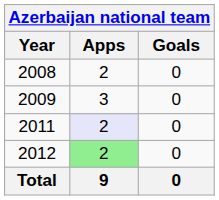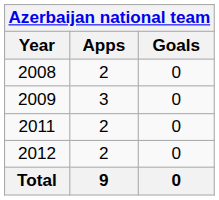 <table class="wikitable" style="text-align:center">
 <tr>
 <th colspan=3><a href='#'>Azerbaijan national team</a></th>
 </tr>
 <tr>
 <th>Year</th>
 <th>Apps</th>
 <th>Goals</th>
 </tr>
 <tr>
 <td>2008</td>
 <td>2</td>
 <td>0</td>
 </tr>
 <tr>
 <td>2009</td>
 <td>3</td>
 <td>0</td>
 </tr>
 <tr>
 <td>2011</td>
-<td style="background: lavender;">2</td>
+<td>2</td>
 <td>0</td>
 </tr>
 <tr>
 <td>2012</td>
-<td style="background: lightgreen;">2</td>
+<td>2</td>
 <td>0</td>
 </tr>
 <tr>
 <th>Total</th>
 <th>9</th>
 <th>0</th>
 </tr>
 </table>
